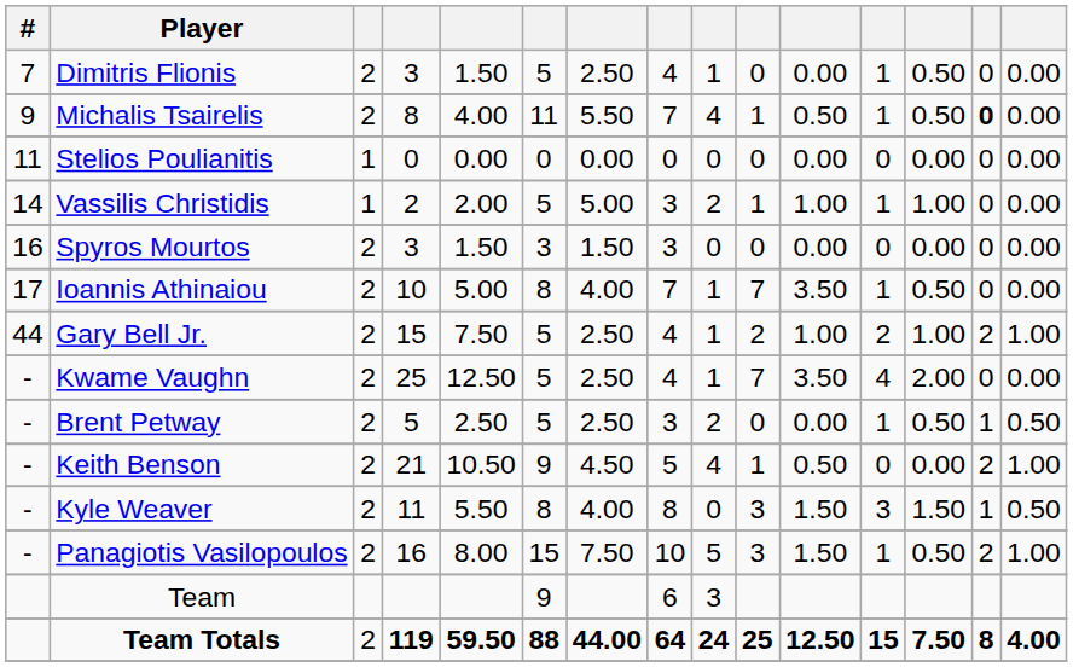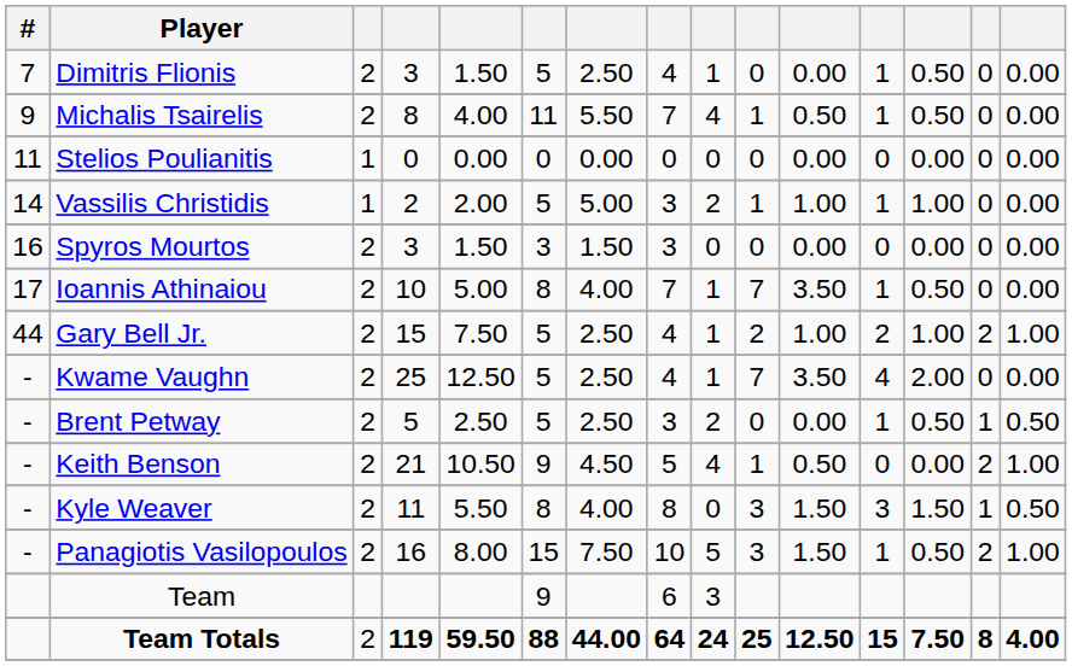 <table class="wikitable sortable" style="font-size:90%; text-align:center;">
 <tr>
 <th>#</th>
 <th>Player</th>
 <th></th>
 <th></th>
 <th></th>
 <th></th>
 <th></th>
 <th></th>
 <th></th>
 <th></th>
 <th></th>
 <th></th>
 <th></th>
 <th></th>
 <th></th>
 </tr>
 <tr>
 <td>7</td>
 <td align="left"> <a href='#'>Dimitris Flionis</a></td>
 <td>2</td>
 <td>3</td>
 <td>1.50</td>
 <td>5</td>
 <td>2.50</td>
 <td>4</td>
 <td>1</td>
 <td>0</td>
 <td>0.00</td>
 <td>1</td>
 <td>0.50</td>
 <td>0</td>
 <td>0.00</td>
 </tr>
 <tr>
 </tr>
 <tr>
 <td>9</td>
 <td align="left"> <a href='#'>Michalis Tsairelis</a></td>
 <td>2</td>
 <td>8</td>
 <td>4.00</td>
 <td>11</td>
 <td>5.50</td>
 <td>7</td>
 <td>4</td>
 <td>1</td>
 <td>0.50</td>
 <td>1</td>
 <td>0.50</td>
-<td><strong>0</strong></td>
+<td>0</td>
 <td>0.00</td>
 </tr>
 <tr>
 </tr>
 <tr>
 <td>11</td>
 <td align="left"> <a href='#'>Stelios Poulianitis</a></td>
 <td>1</td>
 <td>0</td>
 <td>0.00</td>
 <td>0</td>
 <td>0.00</td>
 <td>0</td>
 <td>0</td>
 <td>0</td>
 <td>0.00</td>
 <td>0</td>
 <td>0.00</td>
 <td>0</td>
 <td>0.00</td>
 </tr>
 <tr>
 </tr>
 <tr>
 <td>14</td>
 <td align="left"> <a href='#'>Vassilis Christidis</a></td>
 <td>1</td>
 <td>2</td>
 <td>2.00</td>
 <td>5</td>
 <td>5.00</td>
 <td>3</td>
 <td>2</td>
 <td>1</td>
 <td>1.00</td>
 <td>1</td>
 <td>1.00</td>
 <td>0</td>
 <td>0.00</td>
 </tr>
 <tr>
 </tr>
 <tr>
 <td>16</td>
 <td align="left"> <a href='#'>Spyros Mourtos</a></td>
 <td>2</td>
 <td>3</td>
 <td>1.50</td>
 <td>3</td>
 <td>1.50</td>
 <td>3</td>
 <td>0</td>
 <td>0</td>
 <td>0.00</td>
 <td>0</td>
 <td>0.00</td>
 <td>0</td>
 <td>0.00</td>
 </tr>
 <tr>
 </tr>
 <tr>
 <td>17</td>
 <td align="left"> <a href='#'>Ioannis Athinaiou</a></td>
 <td>2</td>
 <td>10</td>
 <td>5.00</td>
 <td>8</td>
 <td>4.00</td>
 <td>7</td>
 <td>1</td>
 <td>7</td>
 <td>3.50</td>
 <td>1</td>
 <td>0.50</td>
 <td>0</td>
 <td>0.00</td>
 </tr>
 <tr>
 </tr>
 <tr>
 <td>44</td>
 <td align="left"> <a href='#'>Gary Bell Jr.</a></td>
 <td>2</td>
 <td>15</td>
 <td>7.50</td>
 <td>5</td>
 <td>2.50</td>
 <td>4</td>
 <td>1</td>
 <td>2</td>
 <td>1.00</td>
 <td>2</td>
 <td>1.00</td>
 <td>2</td>
 <td>1.00</td>
 </tr>
 <tr>
 </tr>
 <tr>
 <td>-</td>
 <td align="left"> <a href='#'>Kwame Vaughn</a></td>
 <td>2</td>
 <td>25</td>
 <td>12.50</td>
 <td>5</td>
 <td>2.50</td>
 <td>4</td>
 <td>1</td>
 <td>7</td>
 <td>3.50</td>
 <td>4</td>
 <td>2.00</td>
 <td>0</td>
 <td>0.00</td>
 </tr>
 <tr>
 </tr>
 <tr>
 <td>-</td>
 <td align="left"> <a href='#'>Brent Petway</a></td>
 <td>2</td>
 <td>5</td>
 <td>2.50</td>
 <td>5</td>
 <td>2.50</td>
 <td>3</td>
 <td>2</td>
 <td>0</td>
 <td>0.00</td>
 <td>1</td>
 <td>0.50</td>
 <td>1</td>
 <td>0.50</td>
 </tr>
 <tr>
 </tr>
 <tr>
 <td>-</td>
 <td align="left"> <a href='#'>Keith Benson</a></td>
 <td>2</td>
 <td>21</td>
 <td>10.50</td>
 <td>9</td>
 <td>4.50</td>
 <td>5</td>
 <td>4</td>
 <td>1</td>
 <td>0.50</td>
 <td>0</td>
 <td>0.00</td>
 <td>2</td>
 <td>1.00</td>
 </tr>
 <tr>
 </tr>
 <tr>
 <td>-</td>
 <td align="left"> <a href='#'>Kyle Weaver</a></td>
 <td>2</td>
 <td>11</td>
 <td>5.50</td>
 <td>8</td>
 <td>4.00</td>
 <td>8</td>
 <td>0</td>
 <td>3</td>
 <td>1.50</td>
 <td>3</td>
 <td>1.50</td>
 <td>1</td>
 <td>0.50</td>
 </tr>
 <tr>
 </tr>
 <tr>
 <td>-</td>
 <td align="left"> <a href='#'>Panagiotis Vasilopoulos</a></td>
 <td>2</td>
 <td>16</td>
 <td>8.00</td>
 <td>15</td>
 <td>7.50</td>
 <td>10</td>
 <td>5</td>
 <td>3</td>
 <td>1.50</td>
 <td>1</td>
 <td>0.50</td>
 <td>2</td>
 <td>1.00</td>
 </tr>
 <tr>
 </tr>
 <tr>
 <td></td>
 <td>Team</td>
 <td></td>
 <td></td>
 <td></td>
 <td>9</td>
 <td></td>
 <td>6</td>
 <td>3</td>
 <td></td>
 <td></td>
 <td></td>
 <td></td>
 <td></td>
 <td></td>
 </tr>
 <tr>
 </tr>
 <tr>
 <td></td>
 <td><strong>Team Totals</strong></td>
 <td>2</td>
 <td><strong>119</strong></td>
 <td><strong>59.50</strong></td>
 <td><strong>88</strong></td>
 <td><strong>44.00</strong></td>
 <td><strong>64</strong></td>
 <td><strong>24</strong></td>
 <td><strong>25</strong></td>
 <td><strong>12.50</strong></td>
 <td><strong>15</strong></td>
 <td><strong>7.50</strong></td>
 <td><strong>8</strong></td>
 <td><strong>4.00</strong></td>
 </tr>
 <tr>
 </tr>
 </table>
